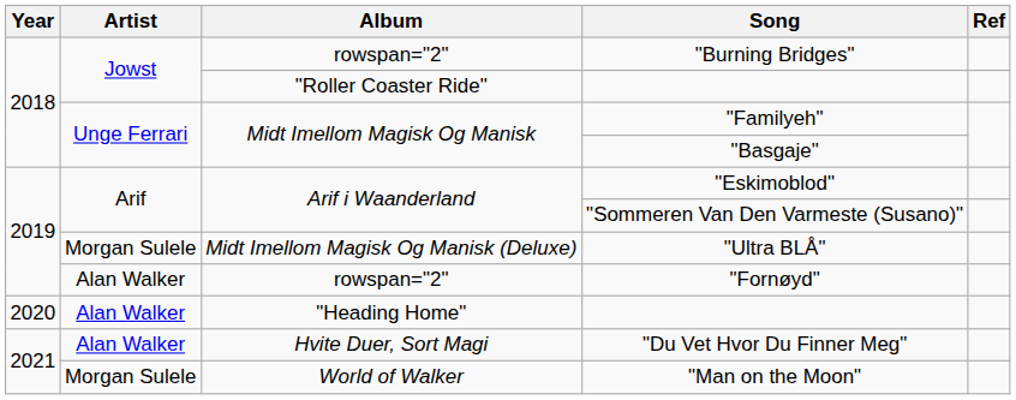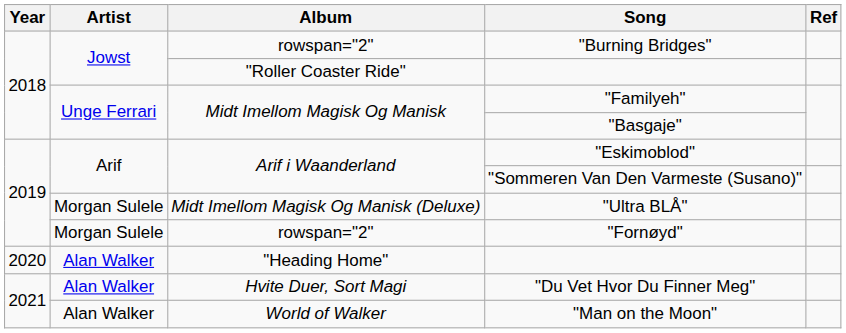 <table class="wikitable plainrowheaders" style="text-align:center;">
 <tr>
 <th scope="col">Year</th>
 <th scope="col">Artist</th>
 <th scope="col">Album</th>
 <th scope="col">Song</th>
 <th scope="col">Ref</th>
 </tr>
 <tr>
 <td rowspan="4">2018</td>
 <td rowspan="2"><a href='#'>Jowst</a></td>
 <td>rowspan="2" </td>
 <td>"Burning Bridges"<br></td>
 <td></td>
 </tr>
 <tr>
 <td>"Roller Coaster Ride"<br></td>
 <td></td>
 </tr>
 <tr>
 <td rowspan="2"><a href='#'>Unge Ferrari</a></td>
 <td rowspan="2"><em>Midt Imellom Magisk Og Manisk</em></td>
 <td>"Familyeh"</td>
 <td rowspan="2"></td>
 </tr>
 <tr>
 <td>"Basgaje"<br></td>
 </tr>
 <tr>
 <td rowspan="4">2019</td>
 <td rowspan="2">Arif</td>
 <td rowspan="2"><em>Arif i Waanderland</em></td>
 <td>"Eskimoblod"<br></td>
 <td></td>
 </tr>
 <tr>
 <td>"Sommeren Van Den Varmeste (Susano)"<br></td>
 <td></td>
 </tr>
 <tr>
 <td>Morgan Sulele</td>
 <td><em>Midt Imellom Magisk Og Manisk (Deluxe)</em></td>
 <td>"Ultra BLÅ"</td>
 <td></td>
 </tr>
 <tr>
-<td>Alan Walker</td>
+<td>Morgan Sulele</td>
 <td>rowspan="2" </td>
 <td>"Fornøyd"</td>
 <td></td>
 </tr>
 <tr>
 <td>2020</td>
 <td><a href='#'>Alan Walker</a></td>
 <td>"Heading Home"<br></td>
 <td></td>
 </tr>
 <tr>
 <td rowspan="2">2021</td>
 <td><a href='#'>Alan Walker</a></td>
 <td><em>Hvite Duer, Sort Magi</em></td>
 <td>"Du Vet Hvor Du Finner Meg"<br></td>
 <td></td>
 </tr>
 <tr>
-<td>Morgan Sulele</td>
+<td>Alan Walker</td>
 <td><em>World of Walker</em></td>
 <td>"Man on the Moon"<br></td>
 <td></td>
 </tr>
 </table>
